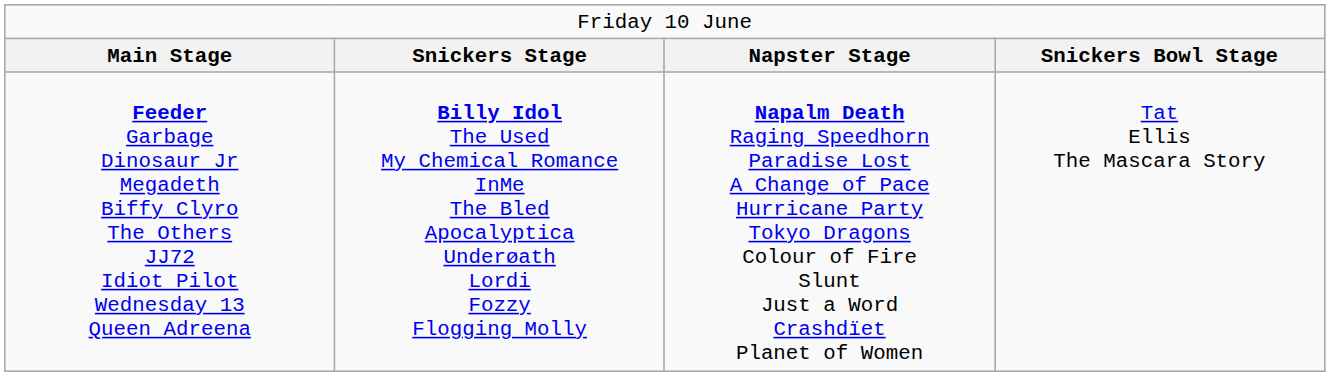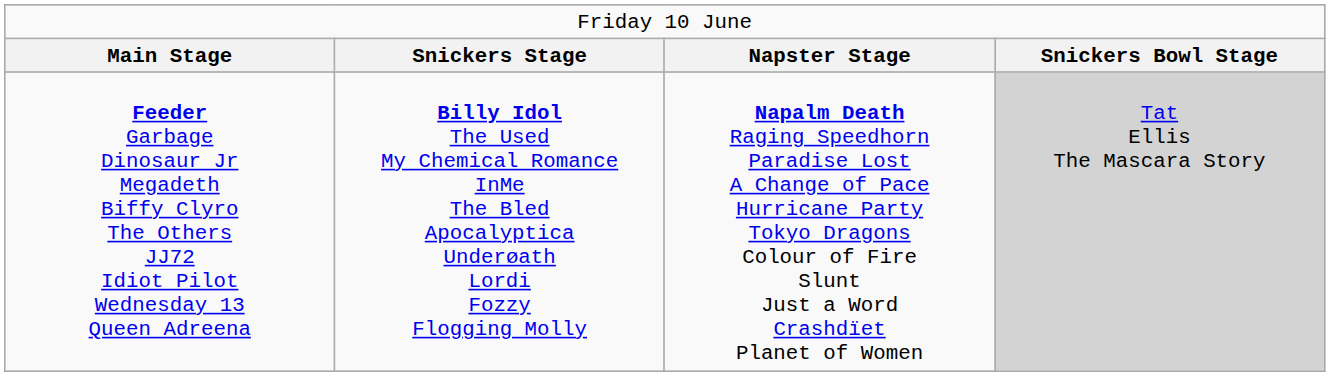 <table class="wikitable">
 <tr>
 <td colspan="4" style="text-align:center;">Friday 10 June</td>
 </tr>
 <tr>
 <th>Main Stage</th>
 <th>Snickers Stage</th>
 <th>Napster Stage</th>
 <th>Snickers Bowl Stage</th>
 </tr>
 <tr>
 <td style="text-align:center; vertical-align:top; width:200px;"><br><strong><a href='#'>Feeder</a></strong> <br><a href='#'>Garbage</a> <br><a href='#'>Dinosaur Jr</a> <br><a href='#'>Megadeth</a> <br><a href='#'>Biffy Clyro</a> <br><a href='#'>The Others</a> <br><a href='#'>JJ72</a> <br><a href='#'>Idiot Pilot</a> <br><a href='#'>Wednesday 13</a> <br><a href='#'>Queen Adreena</a></td>
 <td style="text-align:center; vertical-align:top; width:200px;"><br><strong><a href='#'>Billy Idol</a></strong> <br><a href='#'>The Used</a> <br><a href='#'>My Chemical Romance</a> <br><a href='#'>InMe</a> <br><a href='#'>The Bled</a> <br><a href='#'>Apocalyptica</a> <br><a href='#'>Underøath</a> <br><a href='#'>Lordi</a> <br><a href='#'>Fozzy</a> <br><a href='#'>Flogging Molly</a></td>
 <td style="text-align:center; vertical-align:top; width:200px;"><br><strong><a href='#'>Napalm Death</a></strong> <br><a href='#'>Raging Speedhorn</a> <br><a href='#'>Paradise Lost</a> <br><a href='#'>A Change of Pace</a> <br><a href='#'>Hurricane Party</a> <br><a href='#'>Tokyo Dragons</a> <br>Colour of Fire <br>Slunt <br>Just a Word <br><a href='#'>Crashdïet</a> <br>Planet of Women</td>
-<td style="text-align:center; vertical-align:top; width:200px;"><br><a href='#'>Tat</a> <br>Ellis <br>The Mascara Story</td>
+<td style="background: lightgrey; text-align:center; vertical-align:top; width:200px;"><br><a href='#'>Tat</a> <br>Ellis <br>The Mascara Story</td>
 </tr>
 </table>
